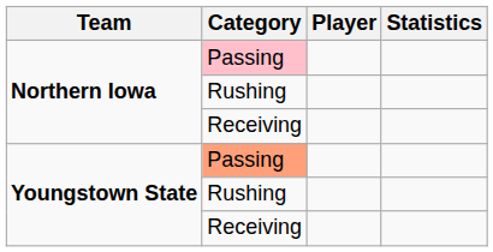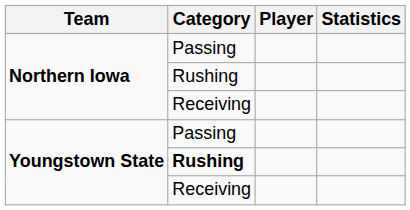 <table class="wikitable" style="float: right;">
 <tr>
 <th>Team</th>
 <th>Category</th>
 <th>Player</th>
 <th>Statistics</th>
 </tr>
 <tr>
 <td rowspan=3><strong>Northern Iowa</strong></td>
-<td style="background: pink;">Passing</td>
+<td>Passing</td>
 <td></td>
 <td></td>
 </tr>
 <tr>
 <td>Rushing</td>
 <td></td>
 <td></td>
 </tr>
 <tr>
 <td>Receiving</td>
 <td></td>
 <td></td>
 </tr>
 <tr>
 <td rowspan=3><strong>Youngstown State</strong></td>
-<td style="background: lightsalmon;">Passing</td>
+<td>Passing</td>
 <td></td>
 <td></td>
 </tr>
 <tr>
-<td>Rushing</td>
+<td><strong>Rushing</strong></td>
 <td></td>
 <td></td>
 </tr>
 <tr>
 <td>Receiving</td>
 <td></td>
 <td></td>
 </tr>
 </table>
